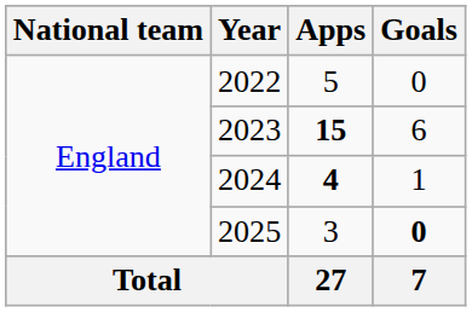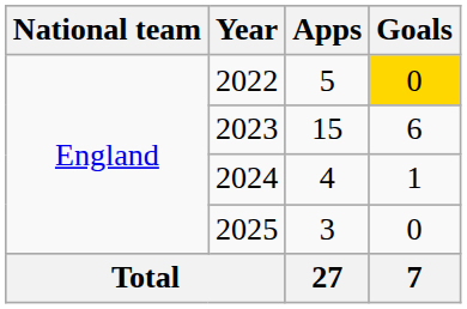 <table class="wikitable" style="text-align:center">
 <tr>
 <th>National team</th>
 <th>Year</th>
 <th>Apps</th>
 <th>Goals</th>
 </tr>
 <tr>
 <td rowspan="4"><a href='#'>England</a></td>
 <td>2022</td>
 <td>5</td>
-<td>0</td>
+<td style="background: gold;">0</td>
 </tr>
 <tr>
 <td>2023</td>
-<td><strong>15</strong></td>
+<td>15</td>
 <td>6</td>
 </tr>
 <tr>
 <td>2024</td>
-<td><strong>4</strong></td>
+<td>4</td>
 <td>1</td>
 </tr>
 <tr>
 <td>2025</td>
 <td>3</td>
-<td><strong>0</strong></td>
+<td>0</td>
 </tr>
 <tr>
 <th colspan="2">Total</th>
 <th>27</th>
 <th>7</th>
 </tr>
 </table>
